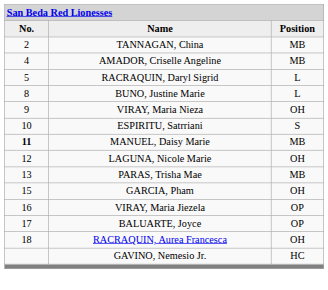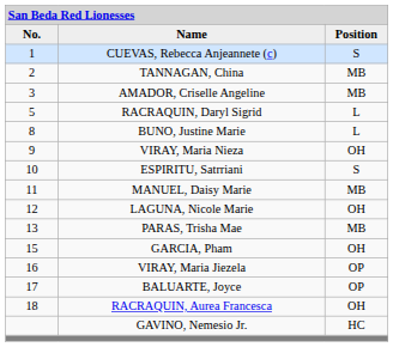 <table class='wikitable mw-collapsible mw-collapsed' style="text-align: center; width: 500px; border: none">
 <tr>
 <th style="background:#D4D4D4; text-align:left;" colspan=3><a href='#'>San Beda Red Lionesses</a></th>
 </tr>
 <tr style="background:#EEEEEE; font-weight:bold;">
 <td width=10%>No.</td>
 <td width=50%>Name</td>
 <td width=10%>Position</td>
 </tr>
+<tr style="background: #D0E6FF">
+<td align=center>1</td>
+<td>CUEVAS, Rebecca Anjeannete (<a href='#'>c</a>)</td>
+<td align=center>S</td>
+</tr>
 <tr>
 <td align=center>2</td>
 <td>TANNAGAN, China</td>
 <td align=center>MB</td>
 </tr>
 <tr>
-<td align=center>4</td>
+<td align=center>3</td>
 <td>AMADOR, Criselle Angeline</td>
 <td align=center>MB</td>
 </tr>
 <tr>
 <td align=center>5</td>
 <td>RACRAQUIN, Daryl Sigrid</td>
 <td align=center>L</td>
 </tr>
 <tr>
 <td align=center>8</td>
 <td>BUNO, Justine Marie</td>
 <td align=center>L</td>
 </tr>
 <tr>
 <td align=center>9</td>
 <td>VIRAY, Maria Nieza</td>
 <td align=center>OH</td>
 </tr>
 <tr>
 <td align=center>10</td>
 <td>ESPIRITU, Satrriani</td>
 <td align=center>S</td>
 </tr>
 <tr>
-<td align=center><strong>11</strong></td>
+<td align=center>11</td>
 <td>MANUEL, Daisy Marie</td>
 <td align=center>MB</td>
 </tr>
 <tr>
 <td align=center>12</td>
 <td>LAGUNA, Nicole Marie</td>
 <td align=center>OH</td>
 </tr>
 <tr>
 <td align=center>13</td>
 <td>PARAS, Trisha Mae</td>
 <td align=center>MB</td>
 </tr>
 <tr>
 <td align=center>15</td>
 <td>GARCIA, Pham</td>
 <td align=center>OH</td>
 </tr>
 <tr>
 <td align=center>16</td>
 <td>VIRAY, Maria Jiezela</td>
 <td align=center>OP</td>
 </tr>
 <tr>
 <td align=center>17</td>
 <td>BALUARTE, Joyce</td>
 <td align=center>OP</td>
 </tr>
 <tr>
 <td align=center>18</td>
 <td><a href='#'>RACRAQUIN, Aurea Francesca</a></td>
 <td align=center>OH</td>
 </tr>
 <tr>
 <td align=center></td>
 <td>GAVINO, Nemesio Jr.</td>
 <td align=center>HC</td>
 </tr>
 <tr>
 <th style='background: grey;' colspan=3></th>
 </tr>
 </table>
